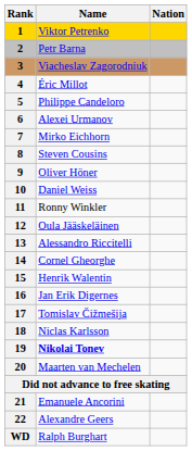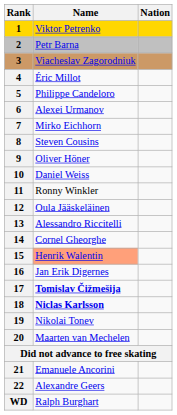 <table class="wikitable">
 <tr>
 <th>Rank</th>
 <th>Name</th>
 <th>Nation</th>
 </tr>
 <tr bgcolor="gold">
 <td align="center"><strong>1</strong></td>
 <td><a href='#'>Viktor Petrenko</a></td>
 <td></td>
 </tr>
 <tr bgcolor="silver">
 <td align="center"><strong>2</strong></td>
 <td><a href='#'>Petr Barna</a></td>
 <td></td>
 </tr>
 <tr bgcolor="cc9966">
 <td align="center"><strong>3</strong></td>
 <td><a href='#'>Viacheslav Zagorodniuk</a></td>
 <td></td>
 </tr>
 <tr>
 <th>4</th>
 <td><a href='#'>Éric Millot</a></td>
 <td></td>
 </tr>
 <tr>
 <th>5</th>
 <td><a href='#'>Philippe Candeloro</a></td>
 <td></td>
 </tr>
 <tr>
 <th>6</th>
 <td><a href='#'>Alexei Urmanov</a></td>
 <td></td>
 </tr>
 <tr>
 <th>7</th>
 <td><a href='#'>Mirko Eichhorn</a></td>
 <td></td>
 </tr>
 <tr>
 <th>8</th>
 <td><a href='#'>Steven Cousins</a></td>
 <td></td>
 </tr>
 <tr>
 <th>9</th>
 <td><a href='#'>Oliver Höner</a></td>
 <td></td>
 </tr>
 <tr>
 <th>10</th>
 <td><a href='#'>Daniel Weiss</a></td>
 <td></td>
 </tr>
 <tr>
 <th>11</th>
 <td>Ronny Winkler</td>
 <td></td>
 </tr>
 <tr>
 <th>12</th>
 <td><a href='#'>Oula Jääskeläinen</a></td>
 <td></td>
 </tr>
 <tr>
 <th>13</th>
 <td><a href='#'>Alessandro Riccitelli</a></td>
 <td></td>
 </tr>
 <tr>
 <th>14</th>
 <td><a href='#'>Cornel Gheorghe</a></td>
 <td></td>
 </tr>
 <tr>
 <th>15</th>
-<td><a href='#'>Henrik Walentin</a></td>
+<td style="background: lightsalmon;"><a href='#'>Henrik Walentin</a></td>
 <td></td>
 </tr>
 <tr>
 <th>16</th>
 <td><a href='#'>Jan Erik Digernes</a></td>
 <td></td>
 </tr>
 <tr>
 <th>17</th>
-<td><a href='#'>Tomislav Čižmešija</a></td>
+<td><strong><a href='#'>Tomislav Čižmešija</a></strong></td>
 <td></td>
 </tr>
 <tr>
 <th>18</th>
-<td><a href='#'>Niclas Karlsson</a></td>
+<td><strong><a href='#'>Niclas Karlsson</a></strong></td>
 <td></td>
 </tr>
 <tr>
 <th>19</th>
-<td><strong><a href='#'>Nikolai Tonev</a></strong></td>
+<td><a href='#'>Nikolai Tonev</a></td>
 <td></td>
 </tr>
 <tr>
 <th>20</th>
 <td><a href='#'>Maarten van Mechelen</a></td>
 <td></td>
 </tr>
 <tr>
 <th colspan=3>Did not advance to free skating</th>
 </tr>
 <tr>
 <th>21</th>
 <td><a href='#'>Emanuele Ancorini</a></td>
 <td></td>
 </tr>
 <tr>
 <th>22</th>
 <td><a href='#'>Alexandre Geers</a></td>
 <td></td>
 </tr>
 <tr>
 <th>WD</th>
 <td><a href='#'>Ralph Burghart</a></td>
 <td></td>
 </tr>
 </table>
